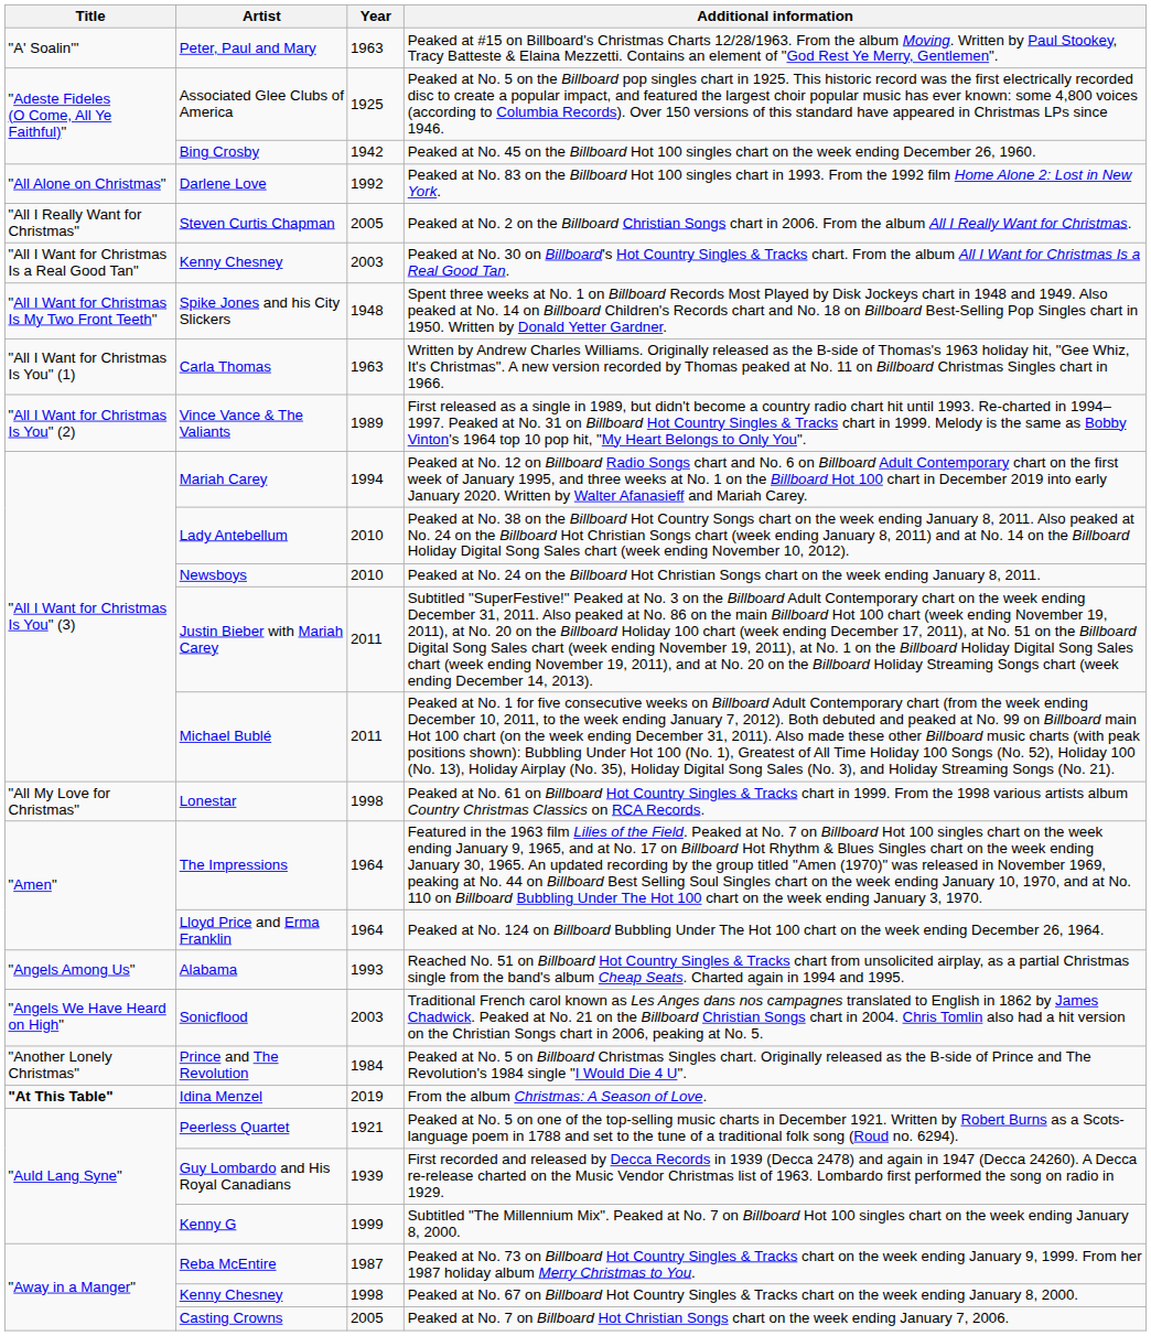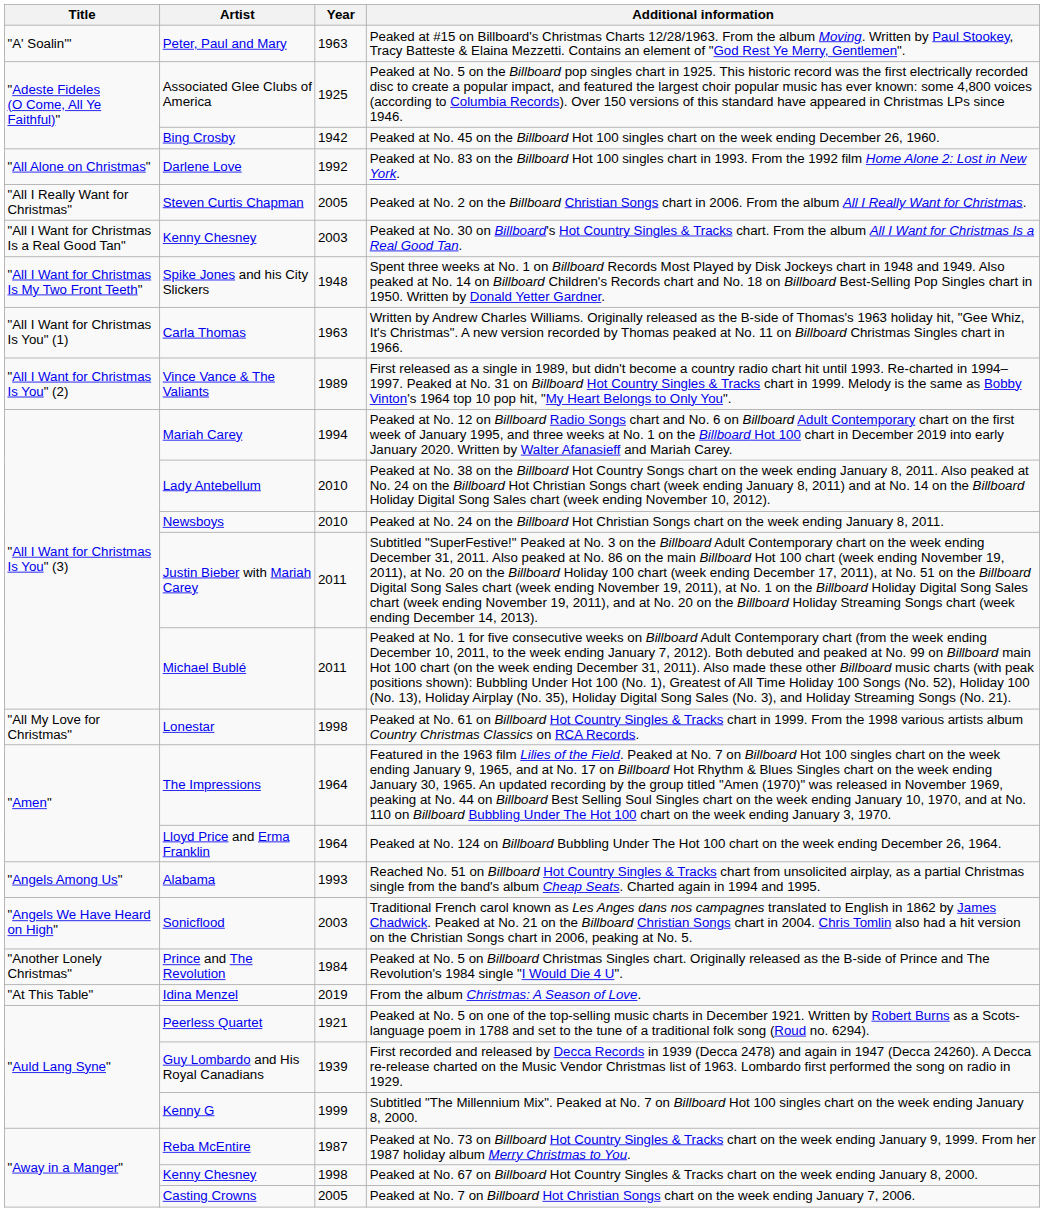 <table class="wikitable sortable" style="text-align: left;" width="auto">
 <tr>
 <th scope="col" style="width: 15%">Title</th>
 <th scope="col" style="width: 15%">Artist</th>
 <th scope="col" style="width: 5%">Year</th>
 <th class="unsortable" scope="col">Additional information</th>
 </tr>
 <tr>
 <td>"A' Soalin'"</td>
 <td><a href='#'>Peter, Paul and Mary</a></td>
 <td>1963</td>
 <td>Peaked at #15 on Billboard's Christmas Charts 12/28/1963.  From the album <em><a href='#'>Moving</a></em>. Written by <a href='#'>Paul Stookey</a>, Tracy Batteste & Elaina Mezzetti. Contains an element of "<a href='#'>God Rest Ye Merry, Gentlemen</a>".</td>
 </tr>
 <tr>
 <td rowspan=2>"<a href='#'>Adeste Fideles<br>(O Come, All Ye Faithful)</a>"</td>
 <td>Associated Glee Clubs of America</td>
 <td>1925</td>
 <td>Peaked at No. 5 on the <em>Billboard</em> pop singles chart in 1925. This historic record was the first electrically recorded disc to create a popular impact, and featured the largest choir popular music has ever known: some 4,800 voices (according to <a href='#'>Columbia Records</a>). Over 150 versions of this standard have appeared in Christmas LPs since 1946.</td>
 </tr>
 <tr>
 <td><a href='#'>Bing Crosby</a></td>
 <td>1942</td>
 <td>Peaked at No. 45 on the <em>Billboard</em> Hot 100 singles chart on the week ending December 26, 1960.</td>
 </tr>
 <tr>
 <td>"<a href='#'>All Alone on Christmas</a>"</td>
 <td><a href='#'>Darlene Love</a></td>
 <td>1992</td>
 <td>Peaked at No. 83 on the <em>Billboard</em> Hot 100 singles chart in 1993. From the 1992 film <em><a href='#'>Home Alone 2: Lost in New York</a></em>.</td>
 </tr>
 <tr>
 <td>"All I Really Want for Christmas"</td>
 <td><a href='#'>Steven Curtis Chapman</a></td>
 <td>2005</td>
 <td>Peaked at No. 2 on the <em>Billboard</em> <a href='#'>Christian Songs</a> chart in 2006. From the album <em><a href='#'>All I Really Want for Christmas</a></em>.</td>
 </tr>
 <tr>
 <td>"All I Want for Christmas Is a Real Good Tan"</td>
 <td><a href='#'>Kenny Chesney</a></td>
 <td>2003</td>
 <td>Peaked at No. 30 on <a href='#'><em>Billboard</em></a>'s <a href='#'>Hot Country Singles & Tracks</a> chart. From the album <em><a href='#'>All I Want for Christmas Is a Real Good Tan</a></em>.</td>
 </tr>
 <tr>
 <td>"<a href='#'>All I Want for Christmas Is My Two Front Teeth</a>"</td>
 <td><a href='#'>Spike Jones</a> and his City Slickers</td>
 <td>1948</td>
 <td>Spent three weeks at No. 1 on <em>Billboard</em> Records Most Played by Disk Jockeys chart in 1948 and 1949. Also peaked at No. 14 on <em>Billboard</em> Children's Records chart and No. 18 on <em>Billboard</em> Best-Selling Pop Singles chart in 1950. Written by <a href='#'>Donald Yetter Gardner</a>.</td>
 </tr>
 <tr>
 <td>"All I Want for Christmas Is You" (1)</td>
 <td><a href='#'>Carla Thomas</a></td>
 <td>1963</td>
 <td>Written by Andrew Charles Williams.  Originally released as the B-side of Thomas's 1963 holiday hit, "Gee Whiz, It's Christmas". A new version recorded by Thomas peaked at No. 11 on <em>Billboard</em> Christmas Singles chart in 1966.</td>
 </tr>
 <tr>
 <td>"<a href='#'>All I Want for Christmas Is You</a>" (2)</td>
 <td><a href='#'>Vince Vance & The Valiants</a></td>
 <td>1989</td>
 <td>First released as a single in 1989, but didn't become a country radio chart hit until 1993. Re-charted in 1994–1997. Peaked at No. 31 on <em>Billboard</em> <a href='#'>Hot Country Singles & Tracks</a> chart in 1999. Melody is the same as <a href='#'>Bobby Vinton</a>'s 1964 top 10 pop hit, "<a href='#'>My Heart Belongs to Only You</a>".</td>
 </tr>
 <tr>
 <td rowspan=5>"<a href='#'>All I Want for Christmas Is You</a>" (3)</td>
 <td><a href='#'>Mariah Carey</a></td>
 <td>1994</td>
 <td>Peaked at No. 12 on <em>Billboard</em> <a href='#'>Radio Songs</a> chart and No. 6 on <em>Billboard</em> <a href='#'>Adult Contemporary</a> chart on the first week of January 1995, and three weeks at No. 1 on the <a href='#'><em>Billboard</em> Hot 100</a> chart in December 2019 into early January 2020. Written by <a href='#'>Walter Afanasieff</a> and Mariah Carey.</td>
 </tr>
 <tr>
 <td><a href='#'>Lady Antebellum</a></td>
 <td>2010</td>
 <td>Peaked at No. 38 on the <em>Billboard</em> Hot Country Songs chart on the week ending January 8, 2011. Also peaked at No. 24 on the <em>Billboard</em> Hot Christian Songs chart (week ending January 8, 2011) and at No. 14 on the <em>Billboard</em> Holiday Digital Song Sales chart (week ending November 10, 2012).</td>
 </tr>
 <tr>
 <td><a href='#'>Newsboys</a></td>
 <td>2010</td>
 <td>Peaked at No. 24 on the <em>Billboard</em> Hot Christian Songs chart on the week ending January 8, 2011.</td>
 </tr>
 <tr>
 <td><a href='#'>Justin Bieber</a> with <a href='#'>Mariah Carey</a></td>
 <td>2011</td>
 <td>Subtitled "SuperFestive!" Peaked at No. 3 on the <em>Billboard</em> Adult Contemporary chart on the week ending December 31, 2011. Also peaked at No. 86 on the main <em>Billboard</em> Hot 100 chart (week ending November 19, 2011), at No. 20 on the <em>Billboard</em> Holiday 100 chart (week ending December 17, 2011), at No. 51 on the <em>Billboard</em> Digital Song Sales chart (week ending November 19, 2011), at No. 1 on the <em>Billboard</em> Holiday Digital Song Sales chart (week ending November 19, 2011), and at No. 20 on the <em>Billboard</em> Holiday Streaming Songs chart (week ending December 14, 2013).</td>
 </tr>
 <tr>
 <td><a href='#'>Michael Bublé</a></td>
 <td>2011</td>
 <td>Peaked at No. 1 for five consecutive weeks on <em>Billboard</em> Adult Contemporary chart (from the week ending December 10, 2011, to the week ending January 7, 2012). Both debuted and peaked at No. 99 on <em>Billboard</em> main Hot 100 chart (on the week ending December 31, 2011). Also made these other <em>Billboard</em> music charts (with peak positions shown): Bubbling Under Hot 100 (No. 1), Greatest of All Time Holiday 100 Songs (No. 52), Holiday 100 (No. 13), Holiday Airplay (No. 35), Holiday Digital Song Sales (No. 3), and Holiday Streaming Songs (No. 21).</td>
 </tr>
 <tr>
 <td>"All My Love for Christmas"</td>
 <td><a href='#'>Lonestar</a></td>
 <td>1998</td>
 <td>Peaked at No. 61 on <em>Billboard</em> <a href='#'>Hot Country Singles & Tracks</a> chart in 1999. From the 1998 various artists album <em>Country Christmas Classics</em> on <a href='#'>RCA Records</a>.</td>
 </tr>
 <tr>
 <td rowspan=2>"<a href='#'>Amen</a>"</td>
 <td><a href='#'>The Impressions</a></td>
 <td>1964</td>
 <td>Featured in the 1963 film <em><a href='#'>Lilies of the Field</a></em>. Peaked at No. 7 on <em>Billboard</em> Hot 100 singles chart on the week ending January 9, 1965, and at No. 17 on <em>Billboard</em> Hot Rhythm & Blues Singles chart on the week ending January 30, 1965. An updated recording by the group titled "Amen (1970)" was released in November 1969, peaking at No. 44 on <em>Billboard</em> Best Selling Soul Singles chart on the week ending January 10, 1970, and at No. 110 on <em>Billboard</em> <a href='#'>Bubbling Under The Hot 100</a> chart on the week ending January 3, 1970.</td>
 </tr>
 <tr>
 <td><a href='#'>Lloyd Price</a> and <a href='#'>Erma Franklin</a></td>
 <td>1964</td>
 <td>Peaked at No. 124 on <em>Billboard</em> Bubbling Under The Hot 100 chart on the week ending December 26, 1964.</td>
 </tr>
 <tr>
 <td>"<a href='#'>Angels Among Us</a>"</td>
 <td><a href='#'>Alabama</a></td>
 <td>1993</td>
 <td>Reached No. 51 on <em>Billboard</em> <a href='#'>Hot Country Singles & Tracks</a> chart from unsolicited airplay, as a partial Christmas single from the band's album <em><a href='#'>Cheap Seats</a></em>. Charted again in 1994 and 1995.</td>
 </tr>
 <tr>
 <td>"<a href='#'>Angels We Have Heard on High</a>"</td>
 <td><a href='#'>Sonicflood</a></td>
 <td>2003</td>
 <td>Traditional French carol known as <em>Les Anges dans nos campagnes</em> translated to English in 1862 by <a href='#'>James Chadwick</a>. Peaked at No. 21 on the <em>Billboard</em> <a href='#'>Christian Songs</a> chart in 2004. <a href='#'>Chris Tomlin</a> also had a hit version on the Christian Songs chart in 2006, peaking at No. 5.</td>
 </tr>
 <tr>
 <td>"Another Lonely Christmas"</td>
 <td><a href='#'>Prince</a> and <a href='#'>The Revolution</a></td>
 <td>1984</td>
 <td>Peaked at No. 5 on <em>Billboard</em> Christmas Singles chart. Originally released as the B-side of Prince and The Revolution's 1984 single "<a href='#'>I Would Die 4 U</a>".</td>
 </tr>
 <tr>
-<td><strong>"At This Table"</strong></td>
+<td>"At This Table"</td>
 <td><a href='#'>Idina Menzel</a></td>
 <td>2019</td>
 <td>From the album <em><a href='#'>Christmas: A Season of Love</a></em>.</td>
 </tr>
 <tr>
 <td rowspan=3>"<a href='#'>Auld Lang Syne</a>"</td>
 <td><a href='#'>Peerless Quartet</a></td>
 <td>1921</td>
 <td>Peaked at No. 5 on one of the top-selling music charts in December 1921. Written by <a href='#'>Robert Burns</a> as a Scots-language poem in 1788 and set to the tune of a traditional folk song (<a href='#'>Roud</a> no. 6294).</td>
 </tr>
 <tr>
 <td><a href='#'>Guy Lombardo</a> and His Royal Canadians</td>
 <td>1939</td>
 <td>First recorded and released by <a href='#'>Decca Records</a> in 1939 (Decca 2478) and again in 1947 (Decca 24260). A Decca re-release charted on the Music Vendor Christmas list of 1963. Lombardo first performed the song on radio in 1929.</td>
 </tr>
 <tr>
 <td><a href='#'>Kenny G</a></td>
 <td>1999</td>
 <td>Subtitled "The Millennium Mix". Peaked at No. 7 on <em>Billboard</em> Hot 100 singles chart on the week ending January 8, 2000.</td>
 </tr>
 <tr>
 <td rowspan=3>"<a href='#'>Away in a Manger</a>"</td>
 <td><a href='#'>Reba McEntire</a></td>
 <td>1987</td>
 <td>Peaked at No. 73 on <em>Billboard</em> <a href='#'>Hot Country Singles & Tracks</a> chart on the week ending January 9, 1999. From her 1987 holiday album <em><a href='#'>Merry Christmas to You</a></em>.</td>
 </tr>
 <tr>
 <td><a href='#'>Kenny Chesney</a></td>
 <td>1998</td>
 <td>Peaked at No. 67 on <em>Billboard</em> Hot Country Singles & Tracks chart on the week ending January 8, 2000.</td>
 </tr>
 <tr>
 <td><a href='#'>Casting Crowns</a></td>
 <td>2005</td>
 <td>Peaked at No. 7 on <em>Billboard</em> <a href='#'>Hot Christian Songs</a> chart on the week ending January 7, 2006.</td>
 </tr>
 </table>
